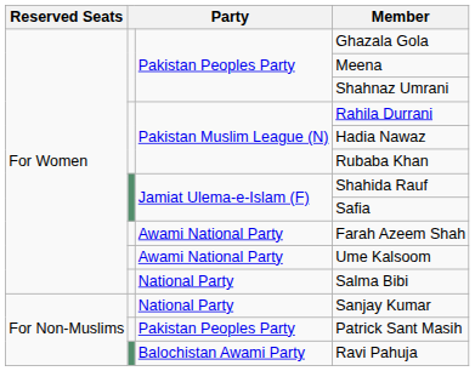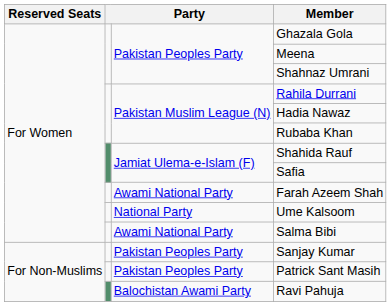 <table class="wikitable">
 <tr>
 <th>Reserved Seats</th>
 <th colspan="2">Party</th>
 <th>Member</th>
 </tr>
 <tr>
 <td rowspan="11">For Women</td>
 <td rowspan="3" style="background-color:"></td>
 <td rowspan="3"><a href='#'>Pakistan Peoples Party</a></td>
 <td>Ghazala Gola</td>
 </tr>
 <tr>
 <td>Meena</td>
 </tr>
 <tr>
 <td>Shahnaz Umrani</td>
 </tr>
 <tr>
 <td rowspan="3" style="background-color:"></td>
 <td rowspan="3"><a href='#'>Pakistan Muslim League (N)</a></td>
 <td><a href='#'>Rahila Durrani</a></td>
 </tr>
 <tr>
 <td>Hadia Nawaz</td>
 </tr>
 <tr>
 <td>Rubaba Khan</td>
 </tr>
 <tr>
 <td rowspan="2" style="background-color:#528d6b"></td>
 <td rowspan="2"><a href='#'>Jamiat Ulema-e-Islam (F)</a></td>
 <td>Shahida Rauf</td>
 </tr>
 <tr>
 <td>Safia</td>
 </tr>
 <tr>
 <td style="background-color:"></td>
 <td><a href='#'>Awami National Party</a></td>
 <td>Farah Azeem Shah</td>
 </tr>
 <tr>
 <td style="background-color:"></td>
-<td><a href='#'>Awami National Party</a></td>
+<td><a href='#'>National Party</a></td>
 <td>Ume Kalsoom</td>
 </tr>
 <tr>
 <td style="background-color:"></td>
-<td><a href='#'>National Party</a></td>
+<td><a href='#'>Awami National Party</a></td>
 <td>Salma Bibi</td>
 </tr>
 <tr>
 <td rowspan="3">For Non-Muslims</td>
 <td style="background-color:"></td>
-<td><a href='#'>National Party</a></td>
+<td><a href='#'>Pakistan Peoples Party</a></td>
 <td>Sanjay Kumar</td>
 </tr>
 <tr>
 <td style="background-color:"></td>
 <td><a href='#'>Pakistan Peoples Party</a></td>
 <td>Patrick Sant Masih</td>
 </tr>
 <tr>
 <td style="background-color:#528d6b"></td>
 <td><a href='#'>Balochistan Awami Party</a></td>
 <td>Ravi Pahuja</td>
 </tr>
 </table>
